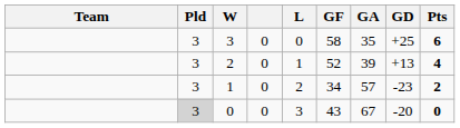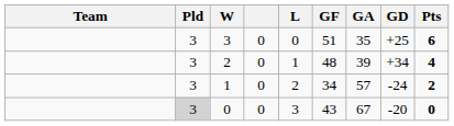 <table class="wikitable" style="text-align: center;">
 <tr>
 <th width="180">Team</th>
 <th width="30">Pld</th>
 <th width="30">W</th>
 <th width="30"></th>
 <th width="30">L</th>
 <th width="30">GF</th>
 <th width="30">GA</th>
 <th width="30">GD</th>
 <th width="30">Pts</th>
 </tr>
 <tr>
 <td align=left></td>
 <td>3</td>
 <td>3</td>
 <td>0</td>
 <td>0</td>
-<td>58</td>
+<td>51</td>
 <td>35</td>
 <td>+25</td>
 <td><strong>6</strong></td>
 </tr>
 <tr>
 <td align=left></td>
 <td>3</td>
 <td>2</td>
 <td>0</td>
 <td>1</td>
-<td>52</td>
+<td>48</td>
 <td>39</td>
-<td>+13</td>
+<td>+34</td>
 <td><strong>4</strong></td>
 </tr>
 <tr>
 <td align=left></td>
 <td>3</td>
 <td>1</td>
 <td>0</td>
 <td>2</td>
 <td>34</td>
 <td>57</td>
-<td>-23</td>
+<td>-24</td>
 <td><strong>2</strong></td>
 </tr>
 <tr>
 <td align=left></td>
 <td style="background: lightgrey;">3</td>
 <td>0</td>
 <td>0</td>
 <td>3</td>
 <td>43</td>
 <td>67</td>
 <td>-20</td>
 <td><strong>0</strong></td>
 </tr>
 </table>
